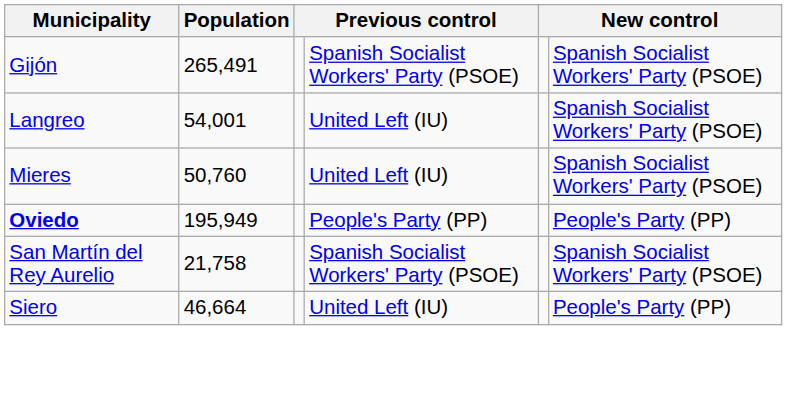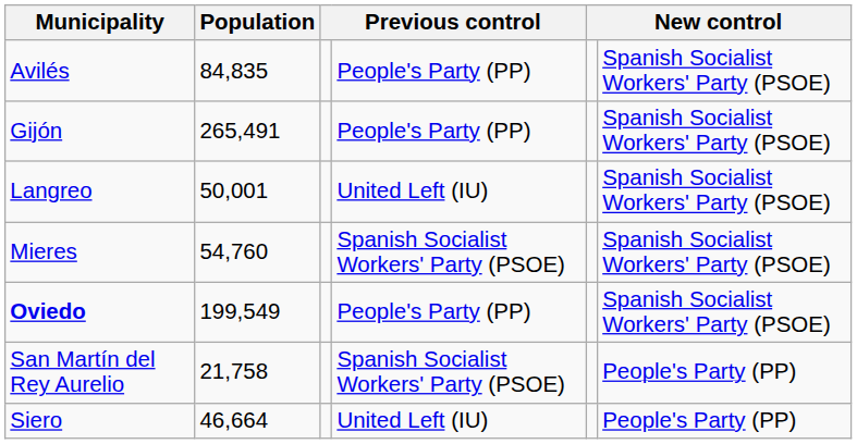 <table class="wikitable sortable">
 <tr>
 <th>Municipality</th>
 <th>Population</th>
 <th colspan="2" style="width:375px;">Previous control</th>
 <th colspan="2" style="width:375px;">New control</th>
 </tr>
 <tr>
+<td><a href='#'>Avilés</a></td>
+<td>84,835</td>
+<td width="1" style="color:inherit;background:"></td>
+<td><a href='#'>People's Party</a> (PP)</td>
+<td width="1" style="color:inherit;background:"></td>
+<td><a href='#'>Spanish Socialist Workers' Party</a> (PSOE)</td>
+</tr>
+<tr>
 <td><a href='#'>Gijón</a></td>
 <td>265,491</td>
 <td style="color:inherit;background:"></td>
-<td><a href='#'>Spanish Socialist Workers' Party</a> (PSOE)</td>
+<td><a href='#'>People's Party</a> (PP)</td>
 <td style="color:inherit;background:"></td>
 <td><a href='#'>Spanish Socialist Workers' Party</a> (PSOE)</td>
 </tr>
 <tr>
 <td><a href='#'>Langreo</a></td>
-<td>54,001</td>
+<td>50,001</td>
 <td style="color:inherit;background:"></td>
 <td><a href='#'>United Left</a> (IU)</td>
 <td style="color:inherit;background:"></td>
 <td><a href='#'>Spanish Socialist Workers' Party</a> (PSOE)</td>
 </tr>
 <tr>
 <td><a href='#'>Mieres</a></td>
-<td>50,760</td>
+<td>54,760</td>
 <td style="color:inherit;background:"></td>
-<td><a href='#'>United Left</a> (IU)</td>
+<td><a href='#'>Spanish Socialist Workers' Party</a> (PSOE)</td>
 <td style="color:inherit;background:"></td>
 <td><a href='#'>Spanish Socialist Workers' Party</a> (PSOE)</td>
 </tr>
 <tr>
 <td><strong><a href='#'>Oviedo</a></strong></td>
-<td>195,949</td>
+<td>199,549</td>
 <td style="color:inherit;background:"></td>
 <td><a href='#'>People's Party</a> (PP)</td>
 <td style="color:inherit;background:"></td>
-<td><a href='#'>People's Party</a> (PP)</td>
+<td><a href='#'>Spanish Socialist Workers' Party</a> (PSOE)</td>
 </tr>
 <tr>
 <td><a href='#'>San Martín del Rey Aurelio</a></td>
 <td>21,758</td>
 <td style="color:inherit;background:"></td>
 <td><a href='#'>Spanish Socialist Workers' Party</a> (PSOE)</td>
 <td style="color:inherit;background:"></td>
-<td><a href='#'>Spanish Socialist Workers' Party</a> (PSOE)</td>
+<td><a href='#'>People's Party</a> (PP)</td>
 </tr>
 <tr>
 <td><a href='#'>Siero</a></td>
 <td>46,664</td>
 <td style="color:inherit;background:"></td>
 <td><a href='#'>United Left</a> (IU)</td>
 <td style="color:inherit;background:"></td>
 <td><a href='#'>People's Party</a> (PP)</td>
 </tr>
 </table>
